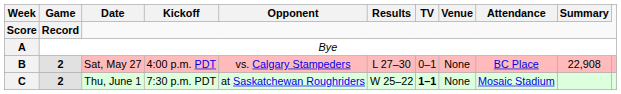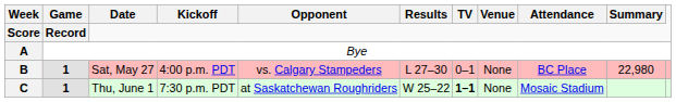 <table class="wikitable" style="font-size: 95%;">
 <tr>
 <th scope="col">Week</th>
 <th scope="col">Game</th>
 <th scope="col">Date</th>
 <th scope="col">Kickoff</th>
 <th scope="col">Opponent</th>
 <th scope="col">Results</th>
 <th scope="col">TV</th>
 <th scope="col">Venue</th>
 <th scope="col">Attendance</th>
 <th scope="col">Summary</th>
 </tr>
 <tr>
 <th scope="col">Score</th>
 <th scope="col">Record</th>
 </tr>
 <tr align="center" bgcolor="ffffff">
 <th align="center"><strong>A</strong></th>
 <td colspan=10 align="center" valign="middle"><em>Bye</em></td>
 </tr>
 <tr align="center" bgcolor="#ffbbbb">
 <th align="center"><strong>B</strong></th>
-<th style="text-align:center; background:#E1E1E1;"><span><strong>2</strong></span></th>
+<th style="text-align:center; background:#E1E1E1;"><span><strong>1</strong></span></th>
 <td align="center">Sat, May 27</td>
 <td align="center">4:00 p.m. <a href='#'>PDT</a></td>
 <td align="center">vs. <a href='#'>Calgary Stampeders</a></td>
 <td align="center">L 27–30</td>
 <td align="center">0–1</td>
 <td align="center">None</td>
 <td align="center"><a href='#'>BC Place</a></td>
-<td align="center">22,908</td>
+<td align="center">22,980</td>
 <td align="center"></td>
 </tr>
 <tr align="center" bgcolor="ddffdd">
 <th align="center"><strong>C</strong></th>
-<th style="text-align:center; background:#E1E1E1;"><span><strong>2</strong></span></th>
+<th style="text-align:center; background:#E1E1E1;"><span><strong>1</strong></span></th>
 <td align="center">Thu, June 1</td>
 <td align="center">7:30 p.m. PDT</td>
 <td align="center">at <a href='#'>Saskatchewan Roughriders</a></td>
 <td align="center">W 25–22</td>
 <td align="center"><strong>1–1</strong></td>
 <td align="center">None</td>
 <td align="center"><a href='#'>Mosaic Stadium</a></td>
 <td align="center"></td>
 <td align="center"></td>
 </tr>
 </table>
